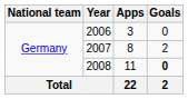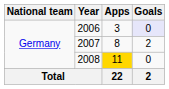 <table class="wikitable" style="text-align:center">
 <tr>
 <th>National team</th>
 <th>Year</th>
 <th>Apps</th>
 <th>Goals</th>
 </tr>
 <tr>
 <td rowspan="3"><a href='#'>Germany</a></td>
 <td>2006</td>
 <td>3</td>
-<td>0</td>
+<td style="background: lavender;">0</td>
 </tr>
 <tr>
 <td>2007</td>
 <td>8</td>
 <td>2</td>
 </tr>
 <tr>
 <td>2008</td>
-<td>11</td>
-<td><strong>0</strong></td>
+<td style="background: gold;">11</td>
+<td>0</td>
 </tr>
 <tr>
 <th colspan="2">Total</th>
 <th>22</th>
 <th>2</th>
 </tr>
 </table>
